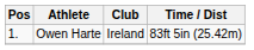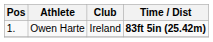 <table class="wikitable">
 <tr>
 <th>Pos</th>
 <th>Athlete</th>
 <th>Club</th>
 <th>Time / Dist</th>
 </tr>
 <tr>
 <td>1.</td>
 <td>Owen Harte</td>
 <td>Ireland</td>
-<td>83ft 5in (25.42m)</td>
+<td><strong>83ft 5in (25.42m)</strong></td>
 </tr>
 <tr>
 </tr>
 </table>
